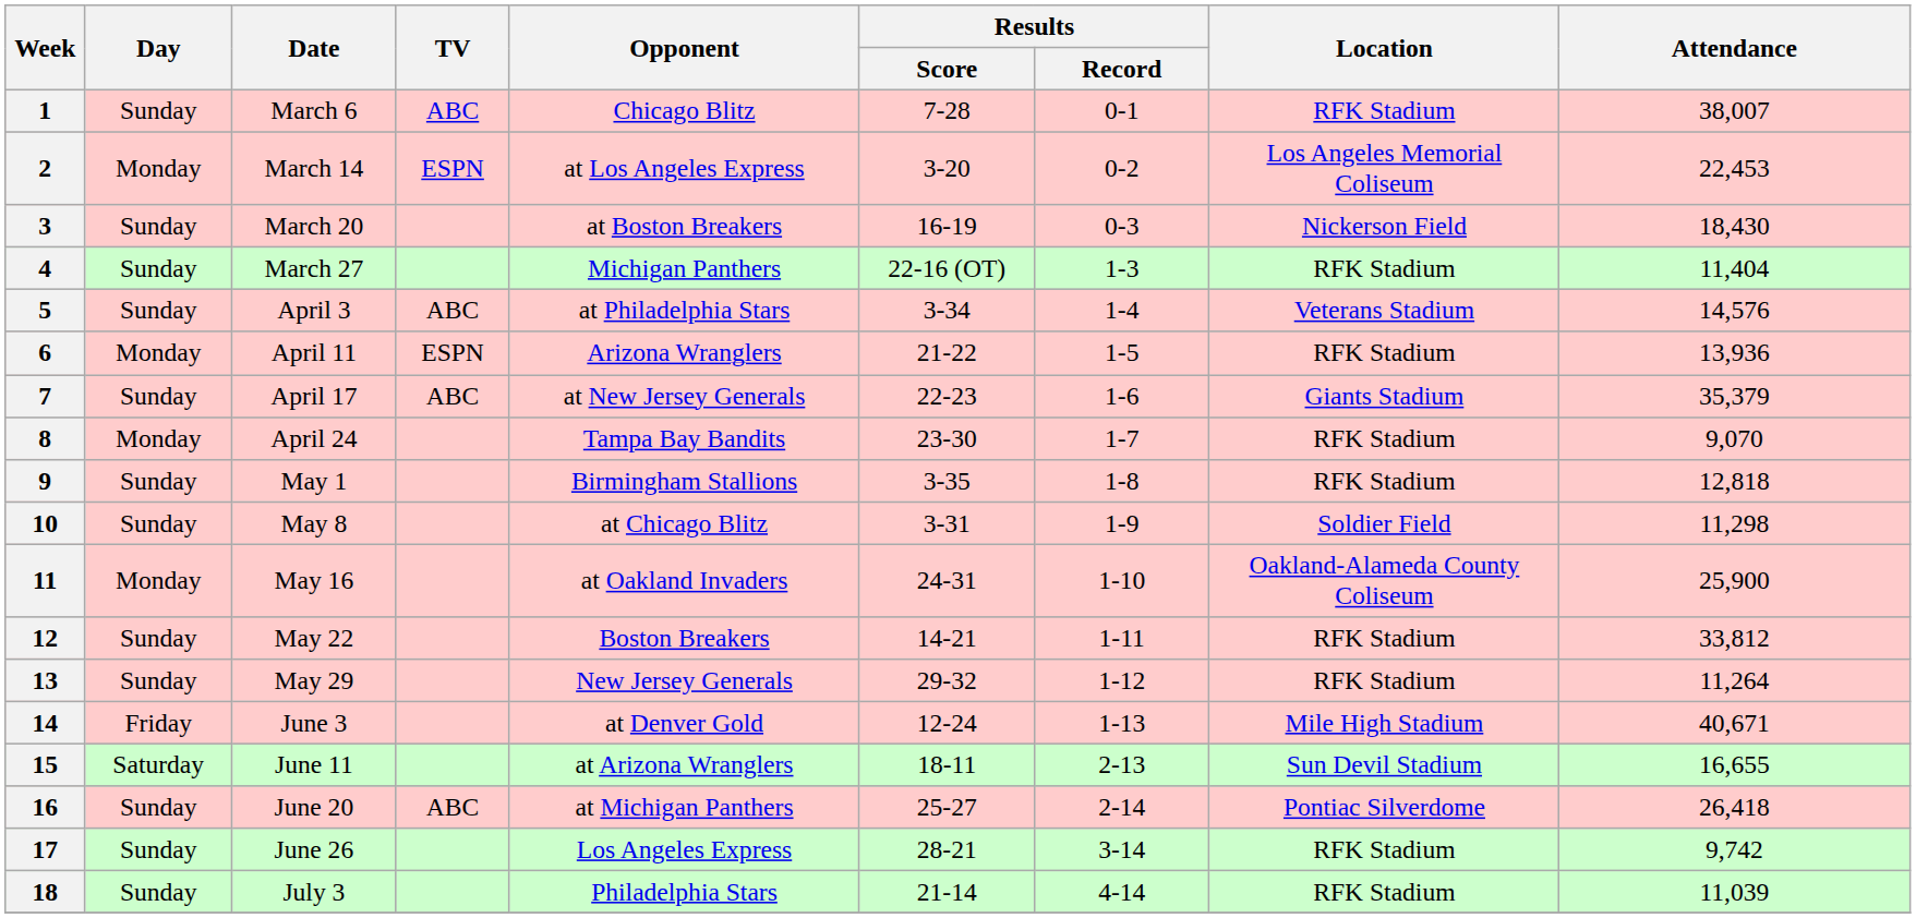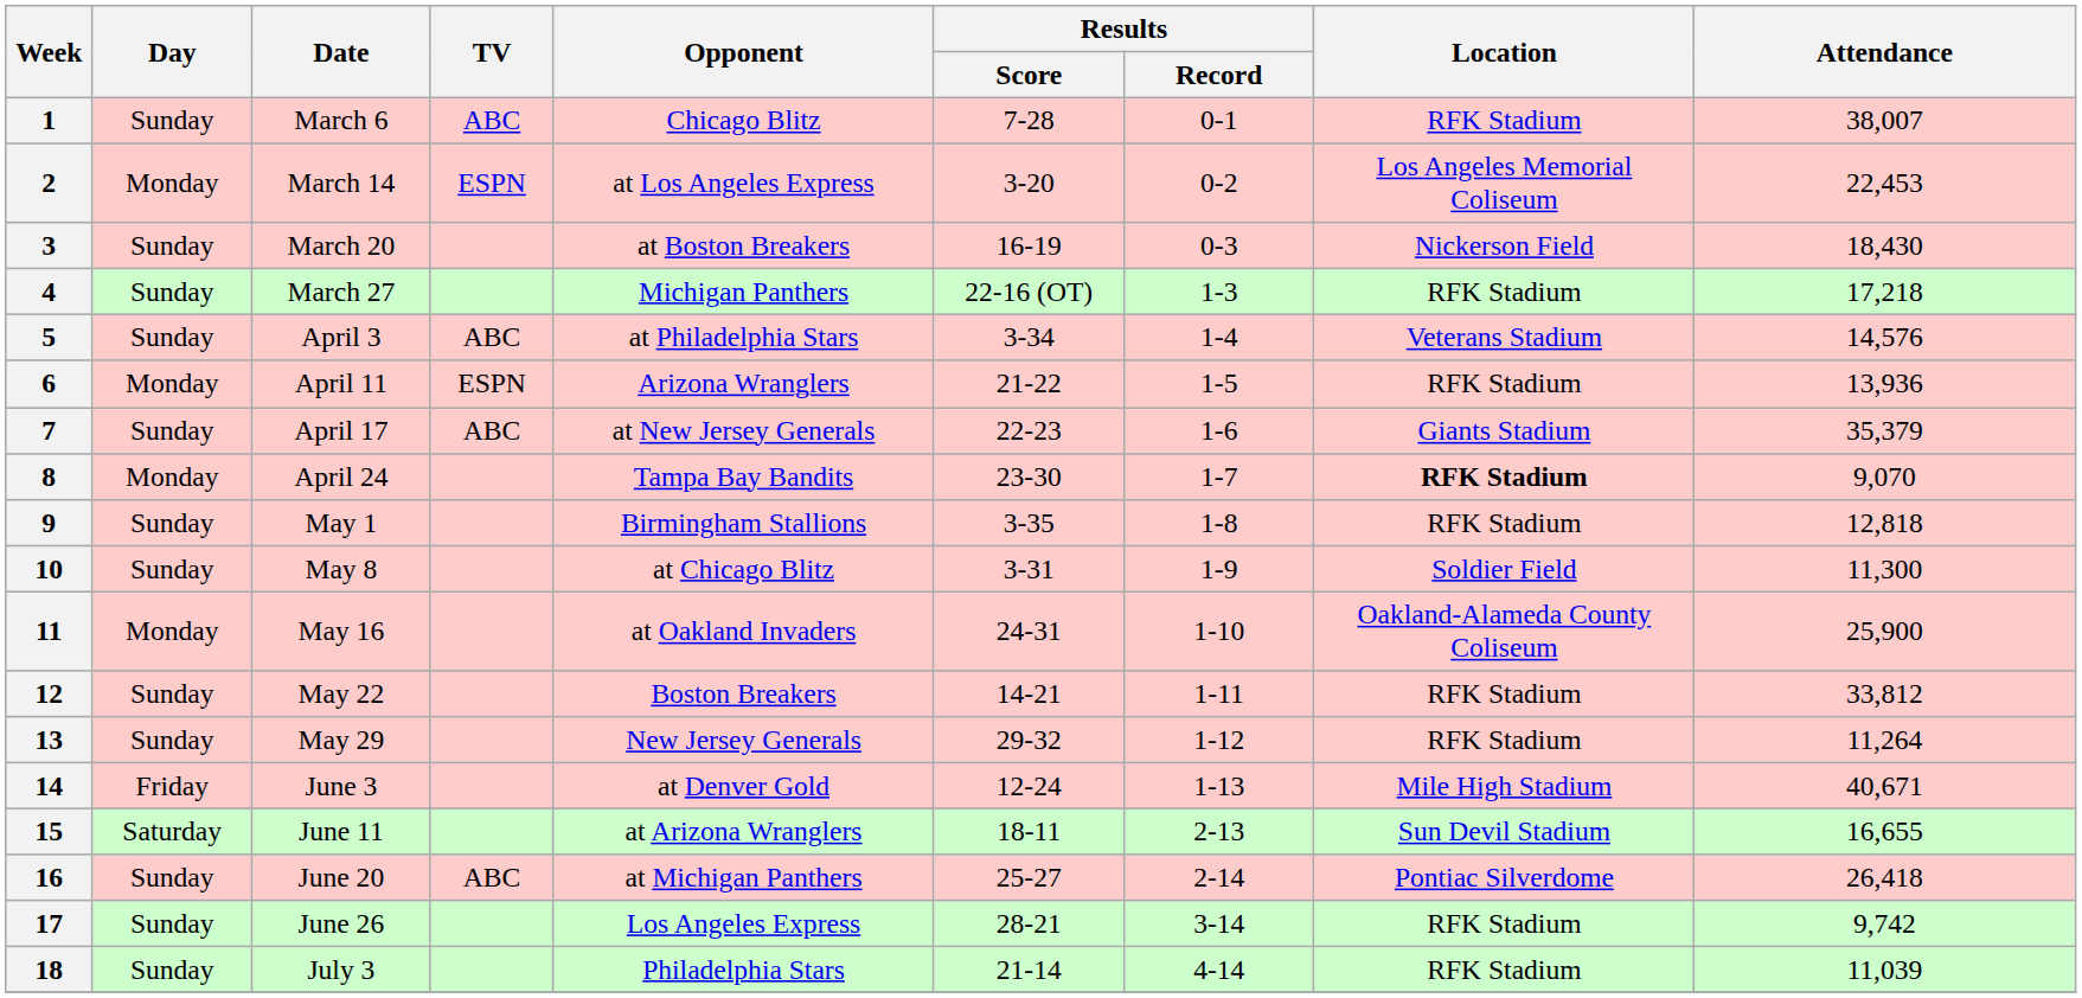 <table class="wikitable" style="text-align:center; font-size: 95%;">
 <tr>
 <th rowspan="2" width="40">Week</th>
 <th rowspan="2" width="80">Day</th>
 <th rowspan="2" width="90">Date</th>
 <th rowspan="2" width="60">TV</th>
 <th rowspan="2" width="200">Opponent</th>
 <th colspan="2" width="200">Results</th>
 <th rowspan="2" width="200">Location</th>
 <th rowspan="2" width="200">Attendance</th>
 </tr>
 <tr>
 <th width="60">Score</th>
 <th width="60">Record</th>
 </tr>
 <tr bgcolor=#ffcccc>
 <th>1</th>
 <td>Sunday</td>
 <td>March 6</td>
 <td><a href='#'>ABC</a></td>
 <td><a href='#'>Chicago Blitz</a></td>
 <td>7-28</td>
 <td>0-1</td>
 <td><a href='#'>RFK Stadium</a></td>
 <td>38,007</td>
 </tr>
 <tr bgcolor=#ffcccc>
 <th>2</th>
 <td>Monday</td>
 <td>March 14</td>
 <td><a href='#'>ESPN</a></td>
 <td>at <a href='#'>Los Angeles Express</a></td>
 <td>3-20</td>
 <td>0-2</td>
 <td><a href='#'>Los Angeles Memorial Coliseum</a></td>
 <td>22,453</td>
 </tr>
 <tr bgcolor=#ffcccc>
 <th>3</th>
 <td>Sunday</td>
 <td>March 20</td>
 <td></td>
 <td>at <a href='#'>Boston Breakers</a></td>
 <td>16-19</td>
 <td>0-3</td>
 <td><a href='#'>Nickerson Field</a></td>
 <td>18,430</td>
 </tr>
 <tr bgcolor=#ccffcc>
 <th>4</th>
 <td>Sunday</td>
 <td>March 27</td>
 <td></td>
 <td><a href='#'>Michigan Panthers</a></td>
 <td>22-16 (OT)</td>
 <td>1-3</td>
 <td>RFK Stadium</td>
-<td>11,404</td>
+<td>17,218</td>
 </tr>
 <tr bgcolor=#ffcccc>
 <th>5</th>
 <td>Sunday</td>
 <td>April 3</td>
 <td>ABC</td>
 <td>at <a href='#'>Philadelphia Stars</a></td>
 <td>3-34</td>
 <td>1-4</td>
 <td><a href='#'>Veterans Stadium</a></td>
 <td>14,576</td>
 </tr>
 <tr bgcolor=#ffcccc>
 <th>6</th>
 <td>Monday</td>
 <td>April 11</td>
 <td>ESPN</td>
 <td><a href='#'>Arizona Wranglers</a></td>
 <td>21-22</td>
 <td>1-5</td>
 <td>RFK Stadium</td>
 <td>13,936</td>
 </tr>
 <tr bgcolor=#ffcccc>
 <th>7</th>
 <td>Sunday</td>
 <td>April 17</td>
 <td>ABC</td>
 <td>at <a href='#'>New Jersey Generals</a></td>
 <td>22-23</td>
 <td>1-6</td>
 <td><a href='#'>Giants Stadium</a></td>
 <td>35,379</td>
 </tr>
 <tr bgcolor=#ffcccc>
 <th>8</th>
 <td>Monday</td>
 <td>April 24</td>
 <td></td>
 <td><a href='#'>Tampa Bay Bandits</a></td>
 <td>23-30</td>
 <td>1-7</td>
-<td>RFK Stadium</td>
+<td><strong>RFK Stadium</strong></td>
 <td>9,070</td>
 </tr>
 <tr bgcolor=#ffcccc>
 <th>9</th>
 <td>Sunday</td>
 <td>May 1</td>
 <td></td>
 <td><a href='#'>Birmingham Stallions</a></td>
 <td>3-35</td>
 <td>1-8</td>
 <td>RFK Stadium</td>
 <td>12,818</td>
 </tr>
 <tr bgcolor=#ffcccc>
 <th>10</th>
 <td>Sunday</td>
 <td>May 8</td>
 <td></td>
 <td>at <a href='#'>Chicago Blitz</a></td>
 <td>3-31</td>
 <td>1-9</td>
 <td><a href='#'>Soldier Field</a></td>
-<td>11,298</td>
+<td>11,300</td>
 </tr>
 <tr bgcolor=#ffcccc>
 <th>11</th>
 <td>Monday</td>
 <td>May 16</td>
 <td></td>
 <td>at <a href='#'>Oakland Invaders</a></td>
 <td>24-31</td>
 <td>1-10</td>
 <td><a href='#'>Oakland-Alameda County Coliseum</a></td>
 <td>25,900</td>
 </tr>
 <tr bgcolor=#ffcccc>
 <th>12</th>
 <td>Sunday</td>
 <td>May 22</td>
 <td></td>
 <td><a href='#'>Boston Breakers</a></td>
 <td>14-21</td>
 <td>1-11</td>
 <td>RFK Stadium</td>
 <td>33,812</td>
 </tr>
 <tr bgcolor=#ffcccc>
 <th>13</th>
 <td>Sunday</td>
 <td>May 29</td>
 <td></td>
 <td><a href='#'>New Jersey Generals</a></td>
 <td>29-32</td>
 <td>1-12</td>
 <td>RFK Stadium</td>
 <td>11,264</td>
 </tr>
 <tr bgcolor=#ffcccc>
 <th>14</th>
 <td>Friday</td>
 <td>June 3</td>
 <td></td>
 <td>at <a href='#'>Denver Gold</a></td>
 <td>12-24</td>
 <td>1-13</td>
 <td><a href='#'>Mile High Stadium</a></td>
 <td>40,671</td>
 </tr>
 <tr bgcolor=#ccffcc>
 <th>15</th>
 <td>Saturday</td>
 <td>June 11</td>
 <td></td>
 <td>at <a href='#'>Arizona Wranglers</a></td>
 <td>18-11</td>
 <td>2-13</td>
 <td><a href='#'>Sun Devil Stadium</a></td>
 <td>16,655</td>
 </tr>
 <tr bgcolor=#ffcccc>
 <th>16</th>
 <td>Sunday</td>
 <td>June 20</td>
 <td>ABC</td>
 <td>at <a href='#'>Michigan Panthers</a></td>
 <td>25-27</td>
 <td>2-14</td>
 <td><a href='#'>Pontiac Silverdome</a></td>
 <td>26,418</td>
 </tr>
 <tr bgcolor=#ccffcc>
 <th>17</th>
 <td>Sunday</td>
 <td>June 26</td>
 <td></td>
 <td><a href='#'>Los Angeles Express</a></td>
 <td>28-21</td>
 <td>3-14</td>
 <td>RFK Stadium</td>
 <td>9,742</td>
 </tr>
 <tr bgcolor=#ccffcc>
 <th>18</th>
 <td>Sunday</td>
 <td>July 3</td>
 <td></td>
 <td><a href='#'>Philadelphia Stars</a></td>
 <td>21-14</td>
 <td>4-14</td>
 <td>RFK Stadium</td>
 <td>11,039</td>
 </tr>
 <tr bgcolor=#ccffcc>
 </tr>
 </table>
